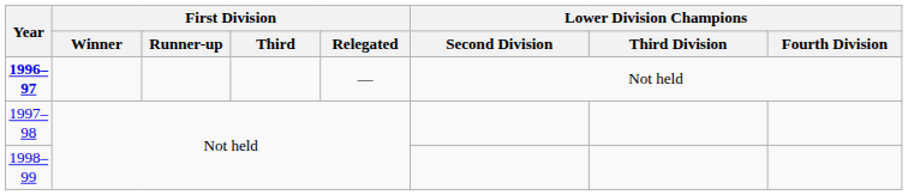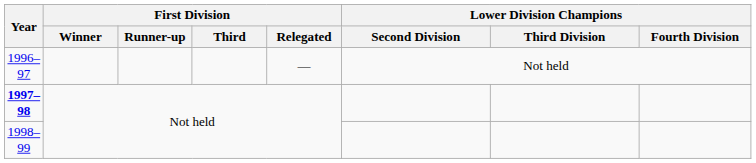 <table class="wikitable" style="font-size:95%; text-align: center;">
 <tr>
 <th rowspan=2 width=5%>Year</th>
 <th colspan=4>First Division</th>
 <th colspan=3>Lower Division Champions</th>
 </tr>
 <tr>
 <th width=10%>Winner</th>
 <th width=10%>Runner-up</th>
 <th width=10%>Third</th>
 <th width=10%>Relegated</th>
 <th width=20%>Second Division</th>
 <th width=20%>Third Division</th>
 <th width=20%>Fourth Division</th>
 </tr>
 <tr>
-<td><strong><a href='#'>1996–97</a></strong></td>
+<td><a href='#'>1996–97</a></td>
 <td></td>
 <td></td>
 <td></td>
 <td>—</td>
 <td colspan="3">Not held</td>
 </tr>
 <tr>
-<td><a href='#'>1997–98</a></td>
+<td><strong><a href='#'>1997–98</a></strong></td>
 <td colspan="4" rowspan="2">Not held</td>
 <td></td>
 <td></td>
 <td></td>
 </tr>
 <tr>
 <td><a href='#'>1998–99</a></td>
 <td></td>
 <td><br><br></td>
 <td></td>
 </tr>
 </table>
